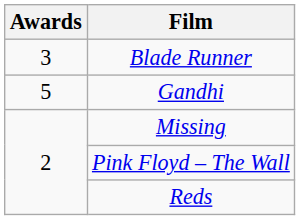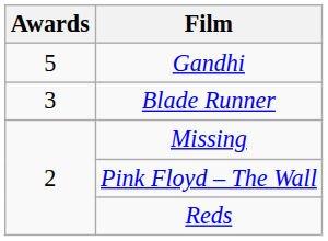 <table class="wikitable" style="text-align:center;">
 <tr>
 <th style="background:">Awards</th>
 <th style="background:">Film</th>
 </tr>
 <tr>
+<td>5</td>
+<td><em><a href='#'>Gandhi</a></em></td>
+</tr>
+<tr>
 <td>3</td>
 <td><em><a href='#'>Blade Runner</a></em></td>
-</tr>
-<tr>
-<td>5</td>
-<td><em><a href='#'>Gandhi</a></em></td>
 </tr>
 <tr>
 <td rowspan="3">2</td>
 <td><em><a href='#'>Missing</a></em></td>
 </tr>
 <tr>
 <td><em><a href='#'>Pink Floyd – The Wall</a></em></td>
 </tr>
 <tr>
 <td><em><a href='#'>Reds</a></em></td>
 </tr>
 </table>
